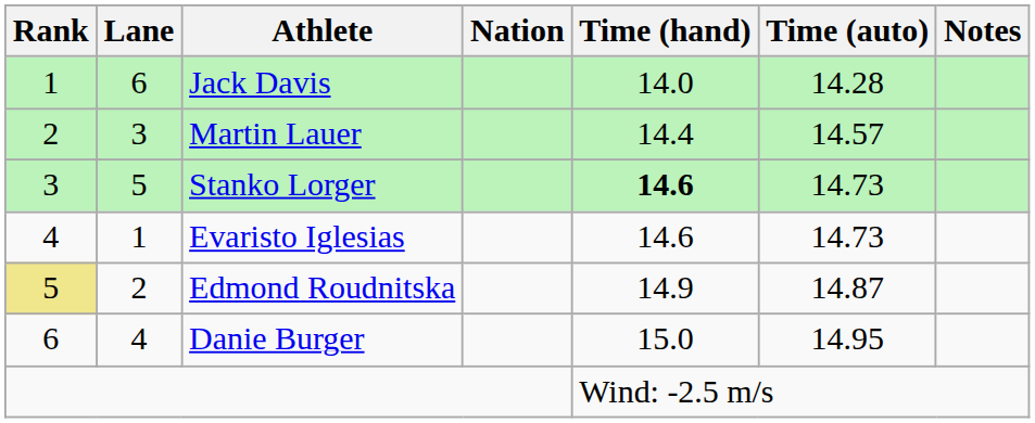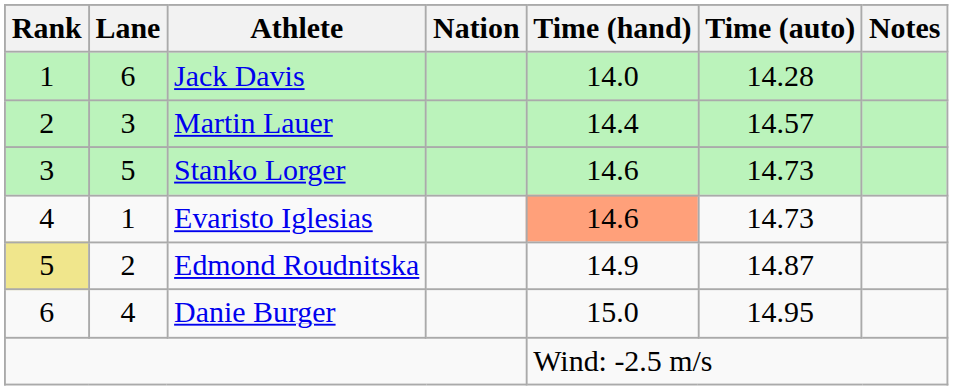 <table class="wikitable sortable" style="text-align:center">
 <tr>
 <th>Rank</th>
 <th>Lane</th>
 <th>Athlete</th>
 <th>Nation</th>
 <th>Time (hand)</th>
 <th>Time (auto)</th>
 <th>Notes</th>
 </tr>
 <tr bgcolor=bbf3bb>
 <td>1</td>
 <td>6</td>
 <td align=left><a href='#'>Jack Davis</a></td>
 <td align=left></td>
 <td>14.0</td>
 <td>14.28</td>
 <td></td>
 </tr>
 <tr bgcolor=bbf3bb>
 <td>2</td>
 <td>3</td>
 <td align=left><a href='#'>Martin Lauer</a></td>
 <td align=left></td>
 <td>14.4</td>
 <td>14.57</td>
 <td></td>
 </tr>
 <tr bgcolor=bbf3bb>
 <td>3</td>
 <td>5</td>
 <td align=left><a href='#'>Stanko Lorger</a></td>
 <td align=left></td>
-<td><strong>14.6</strong></td>
+<td>14.6</td>
 <td>14.73</td>
 <td></td>
 </tr>
 <tr>
 <td>4</td>
 <td>1</td>
 <td align=left><a href='#'>Evaristo Iglesias</a></td>
 <td align=left></td>
-<td>14.6</td>
+<td style="background: lightsalmon;">14.6</td>
 <td>14.73</td>
 <td></td>
 </tr>
 <tr>
 <td style="background: khaki;">5</td>
 <td>2</td>
 <td align=left><a href='#'>Edmond Roudnitska</a></td>
 <td align=left></td>
 <td>14.9</td>
 <td>14.87</td>
 <td></td>
 </tr>
 <tr>
 <td>6</td>
 <td>4</td>
 <td align=left><a href='#'>Danie Burger</a></td>
 <td align=left></td>
 <td>15.0</td>
 <td>14.95</td>
 <td></td>
 </tr>
 <tr class="sortbottom">
 <td colspan=4></td>
 <td colspan="3" style="text-align:left;">Wind: -2.5 m/s</td>
 </tr>
 </table>
